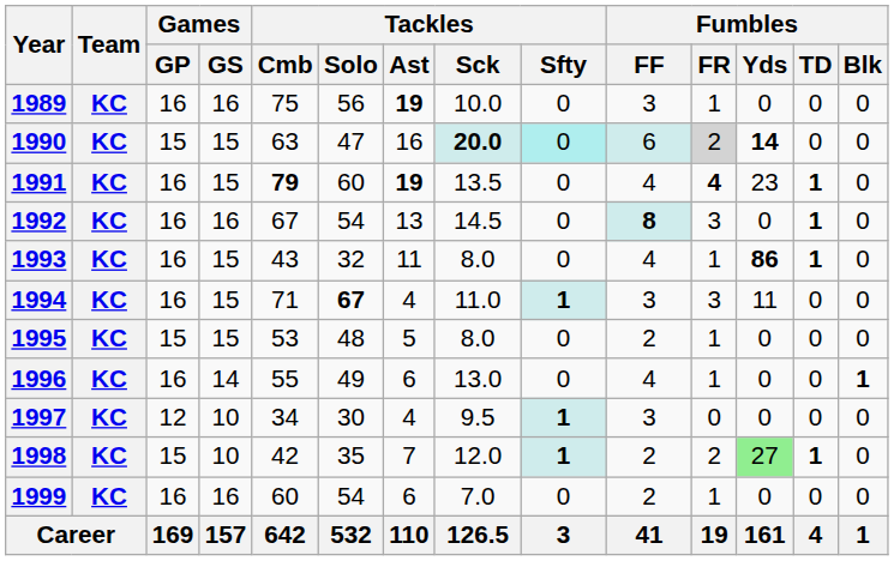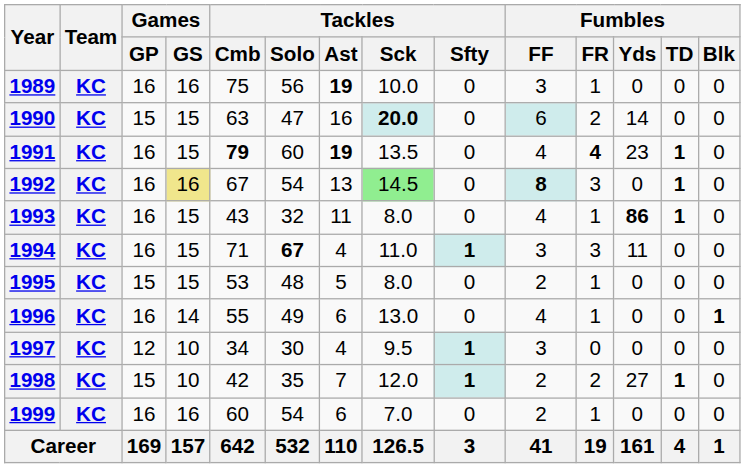 <table class=wikitable style="text-align:center;">
 <tr>
 <th rowspan="2">Year</th>
 <th rowspan="2">Team</th>
 <th colspan="2">Games</th>
 <th colspan="5">Tackles</th>
 <th colspan="5">Fumbles</th>
 </tr>
 <tr>
 <th>GP</th>
 <th>GS</th>
 <th>Cmb</th>
 <th>Solo</th>
 <th>Ast</th>
 <th>Sck</th>
 <th>Sfty</th>
 <th>FF</th>
 <th>FR</th>
 <th>Yds</th>
 <th>TD</th>
 <th>Blk</th>
 </tr>
 <tr>
 <th><a href='#'>1989</a></th>
 <th><a href='#'>KC</a></th>
 <td>16</td>
 <td>16</td>
 <td>75</td>
 <td>56</td>
 <td><strong>19</strong></td>
 <td>10.0</td>
 <td>0</td>
 <td>3</td>
 <td>1</td>
 <td>0</td>
 <td>0</td>
 <td>0</td>
 </tr>
 <tr>
 <th><a href='#'>1990</a></th>
 <th><a href='#'>KC</a></th>
 <td>15</td>
 <td>15</td>
 <td>63</td>
 <td>47</td>
 <td>16</td>
 <td style="background:#cfecec; width:3em;"><strong>20.0</strong></td>
-<td style="background: paleturquoise;">0</td>
+<td>0</td>
 <td style="background:#cfecec; width:3em;">6</td>
-<td style="background: lightgrey;">2</td>
-<td><strong>14</strong></td>
+<td>2</td>
+<td>14</td>
 <td>0</td>
 <td>0</td>
 </tr>
 <tr>
 <th><a href='#'>1991</a></th>
 <th><a href='#'>KC</a></th>
 <td>16</td>
 <td>15</td>
 <td><strong>79</strong></td>
 <td>60</td>
 <td><strong>19</strong></td>
 <td>13.5</td>
 <td>0</td>
 <td>4</td>
 <td><strong>4</strong></td>
 <td>23</td>
 <td><strong>1</strong></td>
 <td>0</td>
 </tr>
 <tr>
 <th><a href='#'>1992</a></th>
 <th><a href='#'>KC</a></th>
 <td>16</td>
-<td>16</td>
+<td style="background: khaki;">16</td>
 <td>67</td>
 <td>54</td>
 <td>13</td>
-<td>14.5</td>
+<td style="background: lightgreen;">14.5</td>
 <td>0</td>
 <td style="background:#cfecec; width:3em;"><strong>8</strong></td>
 <td>3</td>
 <td>0</td>
 <td><strong>1</strong></td>
 <td>0</td>
 </tr>
 <tr>
 <th><a href='#'>1993</a></th>
 <th><a href='#'>KC</a></th>
 <td>16</td>
 <td>15</td>
 <td>43</td>
 <td>32</td>
 <td>11</td>
 <td>8.0</td>
 <td>0</td>
 <td>4</td>
 <td>1</td>
 <td><strong>86</strong></td>
 <td><strong>1</strong></td>
 <td>0</td>
 </tr>
 <tr>
 <th><a href='#'>1994</a></th>
 <th><a href='#'>KC</a></th>
 <td>16</td>
 <td>15</td>
 <td>71</td>
 <td><strong>67</strong></td>
 <td>4</td>
 <td>11.0</td>
 <td style="background:#cfecec; width:3em;"><strong>1</strong></td>
 <td>3</td>
 <td>3</td>
 <td>11</td>
 <td>0</td>
 <td>0</td>
 </tr>
 <tr>
 <th><a href='#'>1995</a></th>
 <th><a href='#'>KC</a></th>
 <td>15</td>
 <td>15</td>
 <td>53</td>
 <td>48</td>
 <td>5</td>
 <td>8.0</td>
 <td>0</td>
 <td>2</td>
 <td>1</td>
 <td>0</td>
 <td>0</td>
 <td>0</td>
 </tr>
 <tr>
 <th><a href='#'>1996</a></th>
 <th><a href='#'>KC</a></th>
 <td>16</td>
 <td>14</td>
 <td>55</td>
 <td>49</td>
 <td>6</td>
 <td>13.0</td>
 <td>0</td>
 <td>4</td>
 <td>1</td>
 <td>0</td>
 <td>0</td>
 <td><strong>1</strong></td>
 </tr>
 <tr>
 <th><a href='#'>1997</a></th>
 <th><a href='#'>KC</a></th>
 <td>12</td>
 <td>10</td>
 <td>34</td>
 <td>30</td>
 <td>4</td>
 <td>9.5</td>
 <td style="background:#cfecec; width:3em;"><strong>1</strong></td>
 <td>3</td>
 <td>0</td>
 <td>0</td>
 <td>0</td>
 <td>0</td>
 </tr>
 <tr>
 <th><a href='#'>1998</a></th>
 <th><a href='#'>KC</a></th>
 <td>15</td>
 <td>10</td>
 <td>42</td>
 <td>35</td>
 <td>7</td>
 <td>12.0</td>
 <td style="background:#cfecec; width:3em;"><strong>1</strong></td>
 <td>2</td>
 <td>2</td>
-<td style="background: lightgreen;">27</td>
+<td>27</td>
 <td><strong>1</strong></td>
 <td>0</td>
 </tr>
 <tr>
 <th><a href='#'>1999</a></th>
 <th><a href='#'>KC</a></th>
 <td>16</td>
 <td>16</td>
 <td>60</td>
 <td>54</td>
 <td>6</td>
 <td>7.0</td>
 <td>0</td>
 <td>2</td>
 <td>1</td>
 <td>0</td>
 <td>0</td>
 <td>0</td>
 </tr>
 <tr>
 <th colspan="2">Career</th>
 <th>169</th>
 <th>157</th>
 <th>642</th>
 <th>532</th>
 <th>110</th>
 <th>126.5</th>
 <th>3</th>
 <th>41</th>
 <th>19</th>
 <th>161</th>
 <th>4</th>
 <th>1</th>
 </tr>
 </table>
